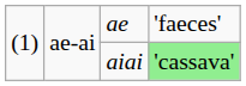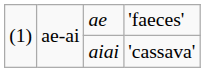 <table class="wikitable">
 <tr>
 <td rowspan="2">(1)</td>
 <td rowspan="2">ae-ai</td>
 <td><em>ae</em></td>
 <td>'faeces'</td>
 </tr>
 <tr>
 <td><em>aiai</em></td>
-<td style="background: lightgreen;">'cassava'</td>
+<td>'cassava'</td>
 </tr>
 </table>
